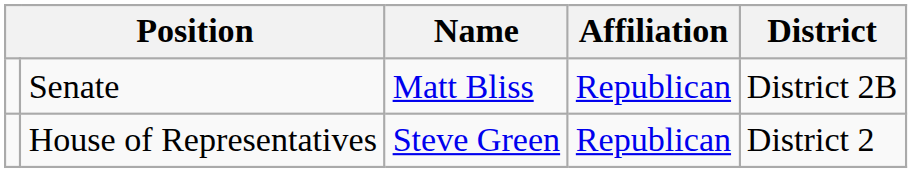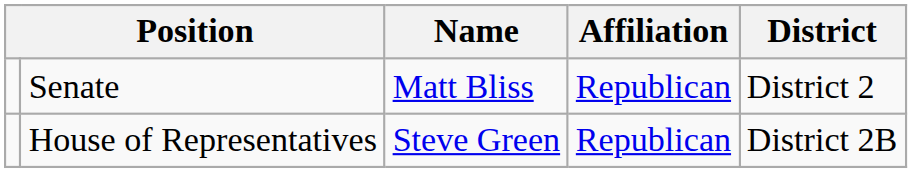 <table class="wikitable">
 <tr>
 <th colspan="2">Position</th>
 <th>Name</th>
 <th>Affiliation</th>
 <th>District</th>
 </tr>
 <tr>
 <td style="background-color:"></td>
 <td>Senate</td>
 <td><a href='#'>Matt Bliss</a></td>
 <td><a href='#'>Republican</a></td>
-<td>District 2B</td>
+<td>District 2</td>
 </tr>
 <tr>
 <td style="background-color:"></td>
 <td>House of Representatives</td>
 <td><a href='#'>Steve Green</a></td>
 <td><a href='#'>Republican</a></td>
-<td>District 2</td>
+<td>District 2B</td>
 </tr>
 </table>
